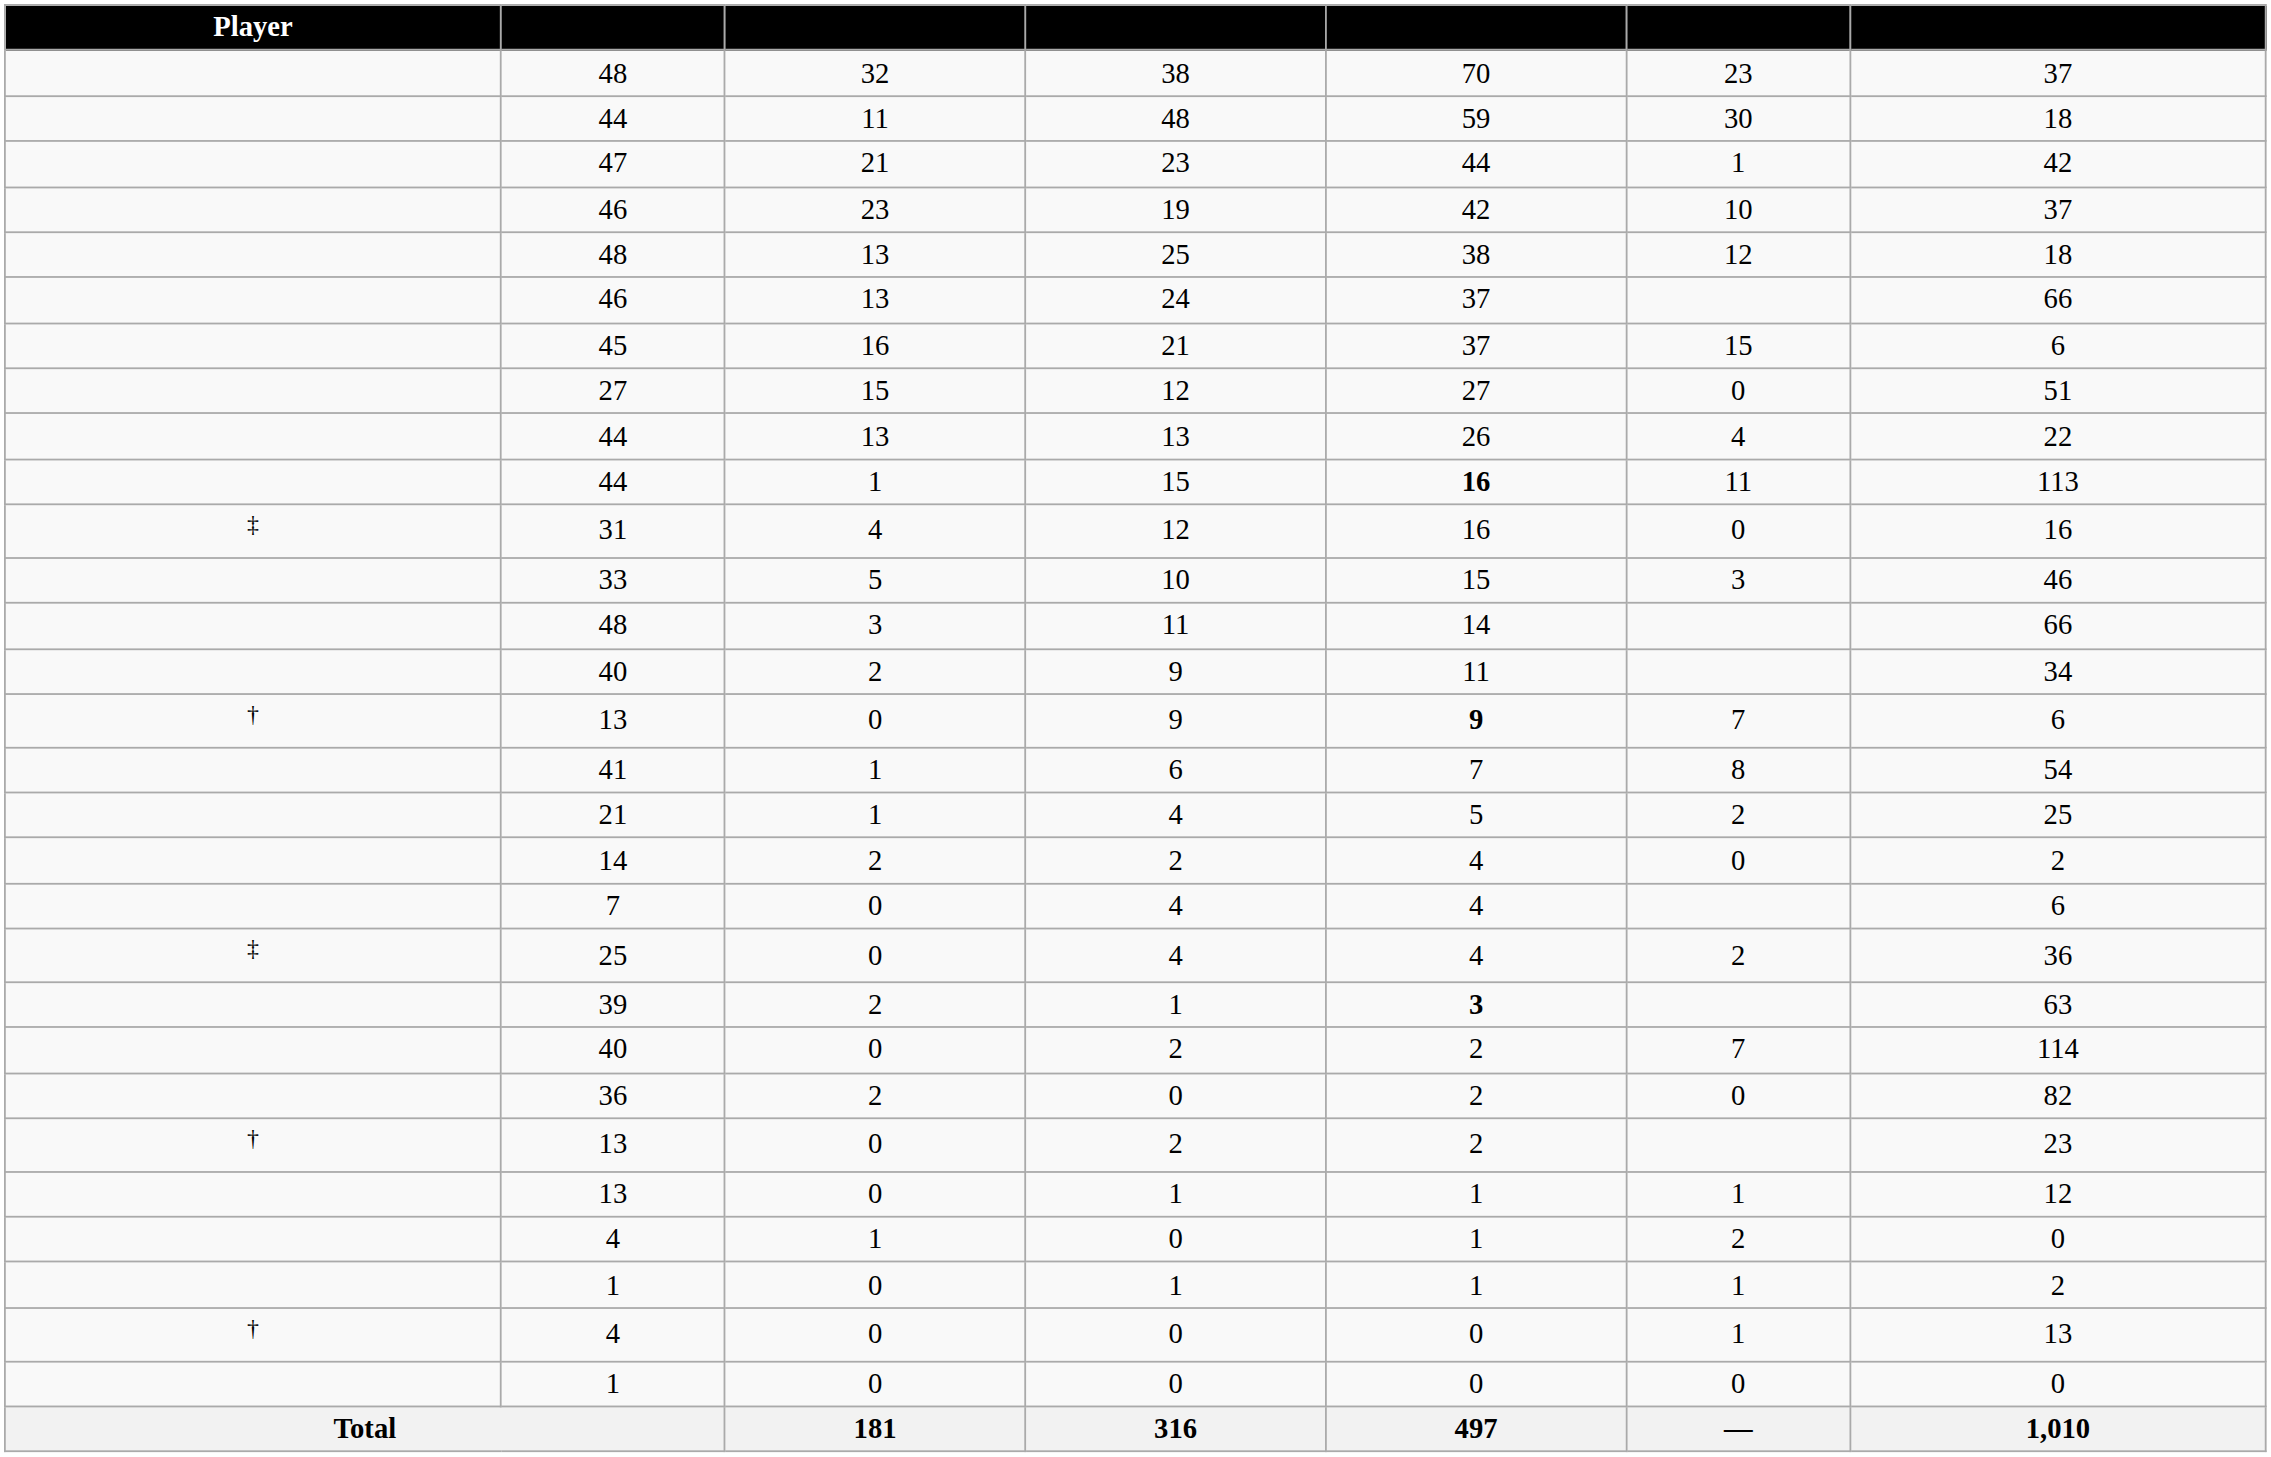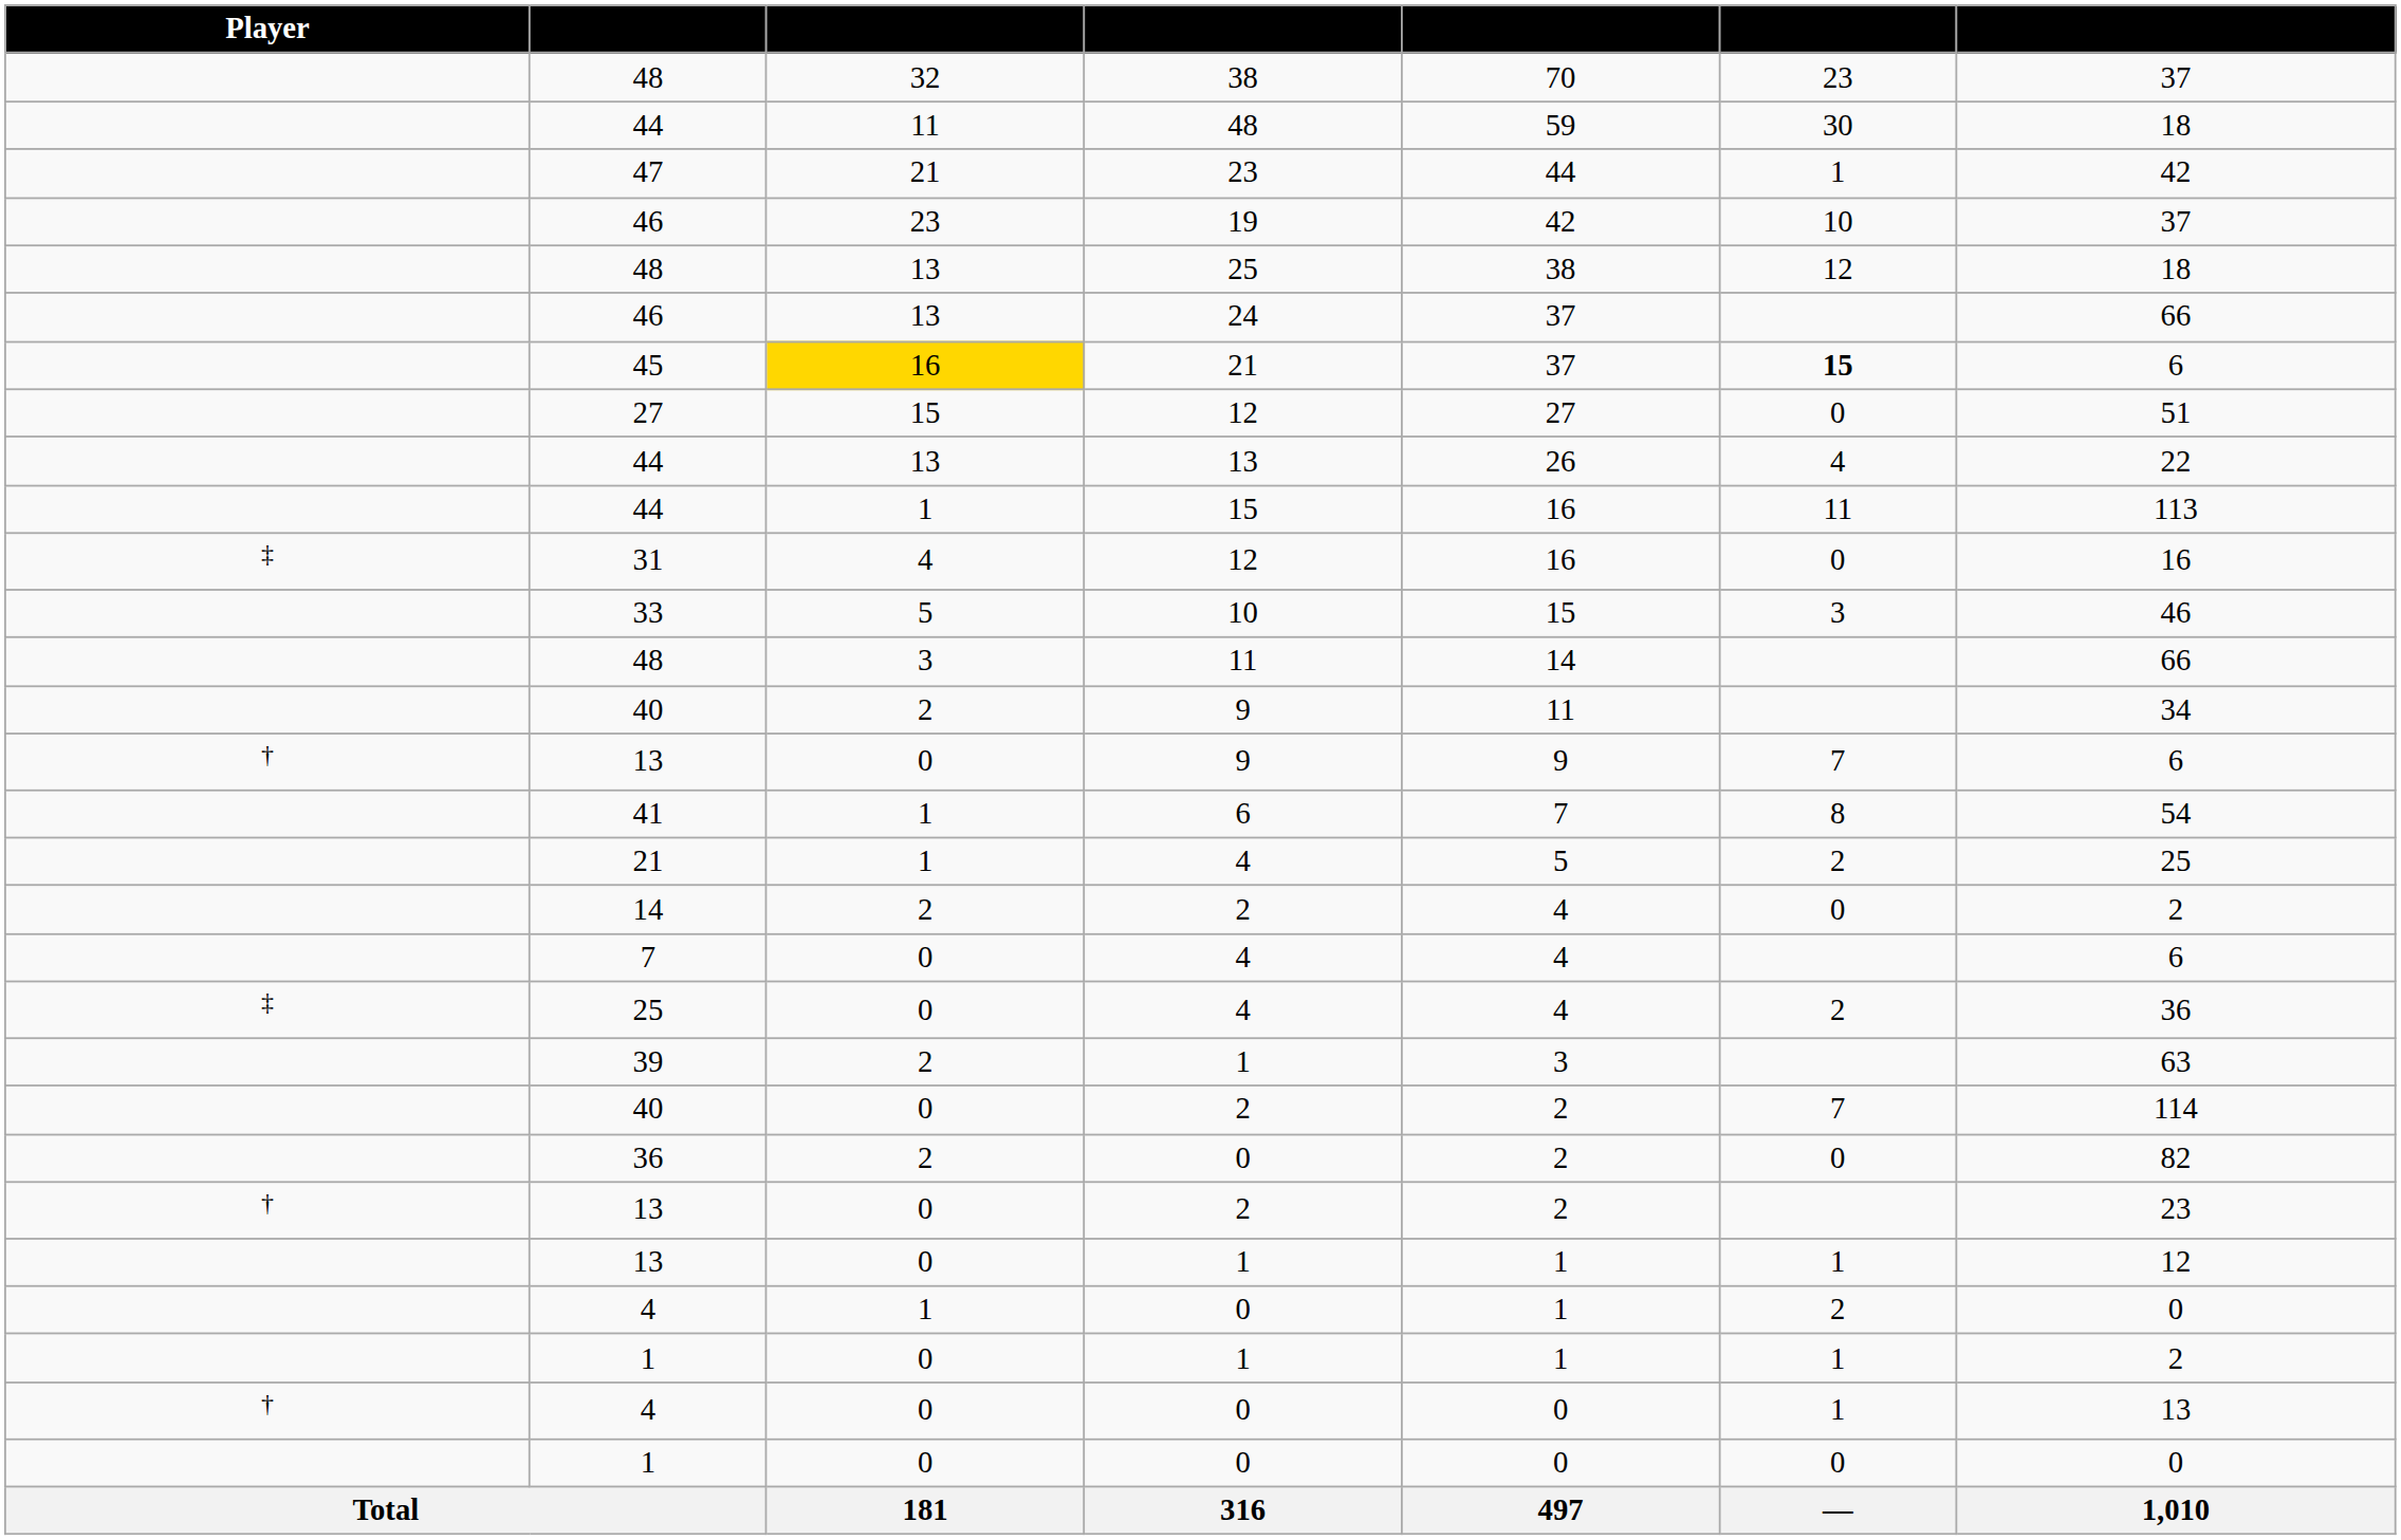 <table class="wikitable sortable" style="width:100%; text-align:center;">
 <tr align=center>
 <th style="color:white; background:#000000; ">Player</th>
 <th style="color:white; background:#000000; "></th>
 <th style="color:white; background:#000000; "></th>
 <th style="color:white; background:#000000; "></th>
 <th style="color:white; background:#000000; "></th>
 <th style="color:white; background:#000000; "></th>
 <th style="color:white; background:#000000; "></th>
 </tr>
 <tr>
 <td></td>
 <td>48</td>
 <td>32</td>
 <td>38</td>
 <td>70</td>
 <td>23</td>
 <td>37</td>
 </tr>
 <tr>
 <td></td>
 <td>44</td>
 <td>11</td>
 <td>48</td>
 <td>59</td>
 <td>30</td>
 <td>18</td>
 </tr>
 <tr>
 <td></td>
 <td>47</td>
 <td>21</td>
 <td>23</td>
 <td>44</td>
 <td>1</td>
 <td>42</td>
 </tr>
 <tr>
 <td></td>
 <td>46</td>
 <td>23</td>
 <td>19</td>
 <td>42</td>
 <td>10</td>
 <td>37</td>
 </tr>
 <tr>
 <td></td>
 <td>48</td>
 <td>13</td>
 <td>25</td>
 <td>38</td>
 <td>12</td>
 <td>18</td>
 </tr>
 <tr>
 <td></td>
 <td>46</td>
 <td>13</td>
 <td>24</td>
 <td>37</td>
 <td></td>
 <td>66</td>
 </tr>
 <tr>
 <td></td>
 <td>45</td>
-<td>16</td>
+<td style="background: gold;">16</td>
 <td>21</td>
 <td>37</td>
-<td>15</td>
+<td><strong>15</strong></td>
 <td>6</td>
 </tr>
 <tr>
 <td></td>
 <td>27</td>
 <td>15</td>
 <td>12</td>
 <td>27</td>
 <td>0</td>
 <td>51</td>
 </tr>
 <tr>
 <td></td>
 <td>44</td>
 <td>13</td>
 <td>13</td>
 <td>26</td>
 <td>4</td>
 <td>22</td>
 </tr>
 <tr>
 <td></td>
 <td>44</td>
 <td>1</td>
 <td>15</td>
-<td><strong>16</strong></td>
+<td>16</td>
 <td>11</td>
 <td>113</td>
 </tr>
 <tr>
 <td><sup>‡</sup></td>
 <td>31</td>
 <td>4</td>
 <td>12</td>
 <td>16</td>
 <td>0</td>
 <td>16</td>
 </tr>
 <tr>
 <td></td>
 <td>33</td>
 <td>5</td>
 <td>10</td>
 <td>15</td>
 <td>3</td>
 <td>46</td>
 </tr>
 <tr>
 <td></td>
 <td>48</td>
 <td>3</td>
 <td>11</td>
 <td>14</td>
 <td></td>
 <td>66</td>
 </tr>
 <tr>
 <td></td>
 <td>40</td>
 <td>2</td>
 <td>9</td>
 <td>11</td>
 <td></td>
 <td>34</td>
 </tr>
 <tr>
 <td><sup>†</sup></td>
 <td>13</td>
 <td>0</td>
 <td>9</td>
-<td><strong>9</strong></td>
+<td>9</td>
 <td>7</td>
 <td>6</td>
 </tr>
 <tr>
 <td></td>
 <td>41</td>
 <td>1</td>
 <td>6</td>
 <td>7</td>
 <td>8</td>
 <td>54</td>
 </tr>
 <tr>
 <td></td>
 <td>21</td>
 <td>1</td>
 <td>4</td>
 <td>5</td>
 <td>2</td>
 <td>25</td>
 </tr>
 <tr>
 <td></td>
 <td>14</td>
 <td>2</td>
 <td>2</td>
 <td>4</td>
 <td>0</td>
 <td>2</td>
 </tr>
 <tr>
 <td></td>
 <td>7</td>
 <td>0</td>
 <td>4</td>
 <td>4</td>
 <td></td>
 <td>6</td>
 </tr>
 <tr>
 <td><sup>‡</sup></td>
 <td>25</td>
 <td>0</td>
 <td>4</td>
 <td>4</td>
 <td>2</td>
 <td>36</td>
 </tr>
 <tr>
 <td></td>
 <td>39</td>
 <td>2</td>
 <td>1</td>
-<td><strong>3</strong></td>
+<td>3</td>
 <td></td>
 <td>63</td>
 </tr>
 <tr>
 <td></td>
 <td>40</td>
 <td>0</td>
 <td>2</td>
 <td>2</td>
 <td>7</td>
 <td>114</td>
 </tr>
 <tr>
 <td></td>
 <td>36</td>
 <td>2</td>
 <td>0</td>
 <td>2</td>
 <td>0</td>
 <td>82</td>
 </tr>
 <tr>
 <td><sup>†</sup></td>
 <td>13</td>
 <td>0</td>
 <td>2</td>
 <td>2</td>
 <td></td>
 <td>23</td>
 </tr>
 <tr>
 <td></td>
 <td>13</td>
 <td>0</td>
 <td>1</td>
 <td>1</td>
 <td>1</td>
 <td>12</td>
 </tr>
 <tr>
 <td></td>
 <td>4</td>
 <td>1</td>
 <td>0</td>
 <td>1</td>
 <td>2</td>
 <td>0</td>
 </tr>
 <tr>
 <td></td>
 <td>1</td>
 <td>0</td>
 <td>1</td>
 <td>1</td>
 <td>1</td>
 <td>2</td>
 </tr>
 <tr>
 <td><sup>†</sup></td>
 <td>4</td>
 <td>0</td>
 <td>0</td>
 <td>0</td>
 <td>1</td>
 <td>13</td>
 </tr>
 <tr>
 <td></td>
 <td>1</td>
 <td>0</td>
 <td>0</td>
 <td>0</td>
 <td>0</td>
 <td>0</td>
 </tr>
 <tr class="sortbotom">
 <th colspan=2>Total</th>
 <th>181</th>
 <th>316</th>
 <th>497</th>
 <th>—</th>
 <th>1,010</th>
 </tr>
 </table>
